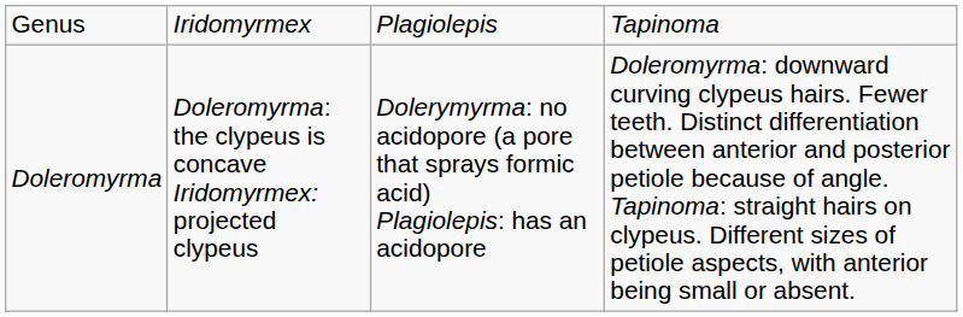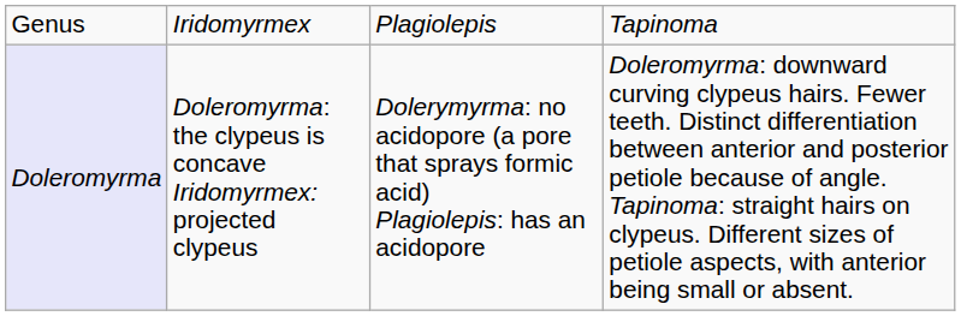 <table class="wikitable">
 <tr>
 <td>Genus</td>
 <td><em>Iridomyrmex</em></td>
 <td><em>Plagiolepis</em></td>
 <td><em>Tapinoma</em></td>
 </tr>
 <tr>
-<td><em>Doleromyrma</em></td>
+<td style="background: lavender;"><em>Doleromyrma</em></td>
 <td><em>Doleromyrma</em>: the  clypeus is concave<br><em>Iridomyrmex:</em><br>projected  clypeus</td>
 <td><em>Dolerymyrma</em>: no  acidopore (a pore that sprays formic acid)<br><em>Plagiolepis</em>: has  an acidopore</td>
 <td><em>Doleromyrma</em>: downward curving clypeus hairs. Fewer teeth. Distinct differentiation between anterior and posterior petiole because of angle.<br><em>Tapinoma</em>:  straight hairs on clypeus. Different sizes of petiole aspects, with anterior  being small or absent.</td>
 </tr>
 </table>
